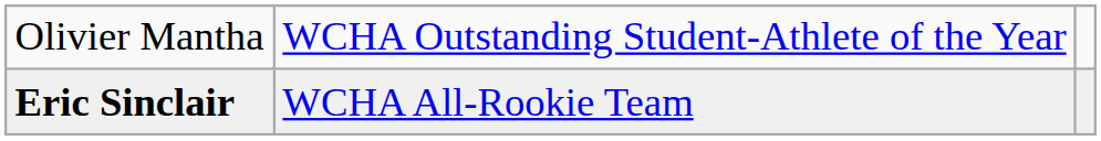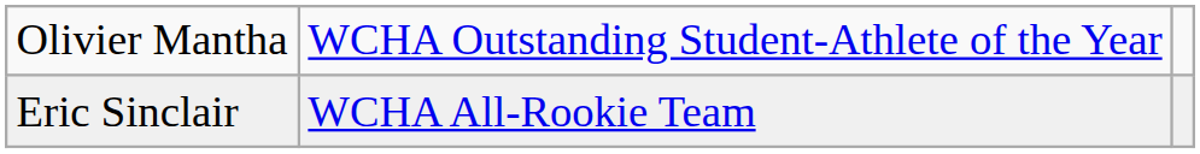 <table class="wikitable">
 <tr>
 <td>Olivier Mantha</td>
 <td><a href='#'>WCHA Outstanding Student-Athlete of the Year</a></td>
 <td></td>
 </tr>
 <tr bgcolor=f0f0f0>
-<td><strong>Eric Sinclair</strong></td>
+<td>Eric Sinclair</td>
 <td><a href='#'>WCHA All-Rookie Team</a></td>
 <td></td>
 </tr>
 </table>
